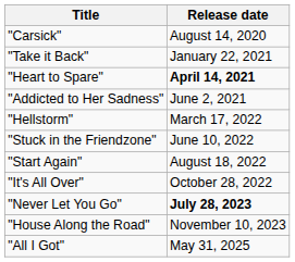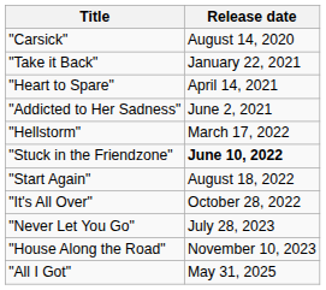 <table class="wikitable">
 <tr>
 <th>Title</th>
 <th>Release date</th>
 </tr>
 <tr>
 <td>"Carsick"</td>
 <td>August 14, 2020</td>
 </tr>
 <tr>
 <td>"Take it Back"</td>
 <td>January 22, 2021</td>
 </tr>
 <tr>
 <td>"Heart to Spare"</td>
-<td><strong>April 14, 2021</strong></td>
+<td>April 14, 2021</td>
 </tr>
 <tr>
 <td>"Addicted to Her Sadness"</td>
 <td>June 2, 2021</td>
 </tr>
 <tr>
 <td>"Hellstorm"</td>
 <td>March 17, 2022</td>
 </tr>
 <tr>
 <td>"Stuck in the Friendzone"</td>
-<td>June 10, 2022</td>
+<td><strong>June 10, 2022</strong></td>
 </tr>
 <tr>
 <td>"Start Again"</td>
 <td>August 18, 2022</td>
 </tr>
 <tr>
 <td>"It's All Over"</td>
 <td>October 28, 2022</td>
 </tr>
 <tr>
 <td>"Never Let You Go"</td>
-<td><strong>July 28, 2023</strong></td>
+<td>July 28, 2023</td>
 </tr>
 <tr>
 <td>"House Along the Road"</td>
 <td>November 10, 2023</td>
 </tr>
 <tr>
 <td>"All I Got"</td>
 <td>May 31, 2025</td>
 </tr>
 </table>
